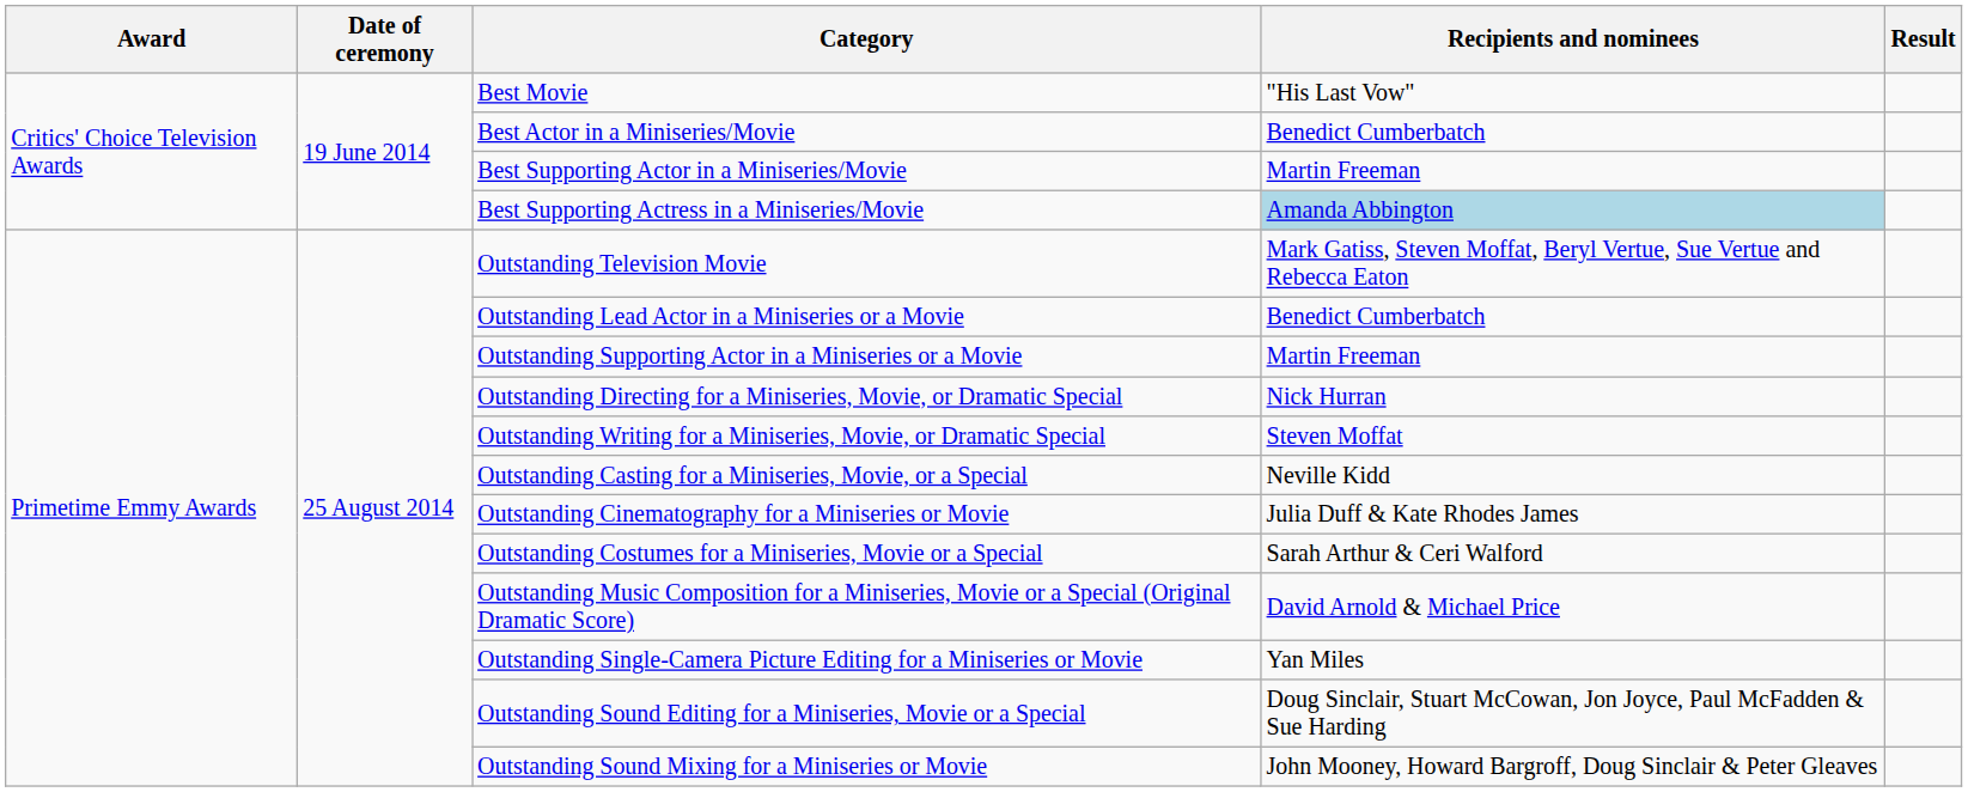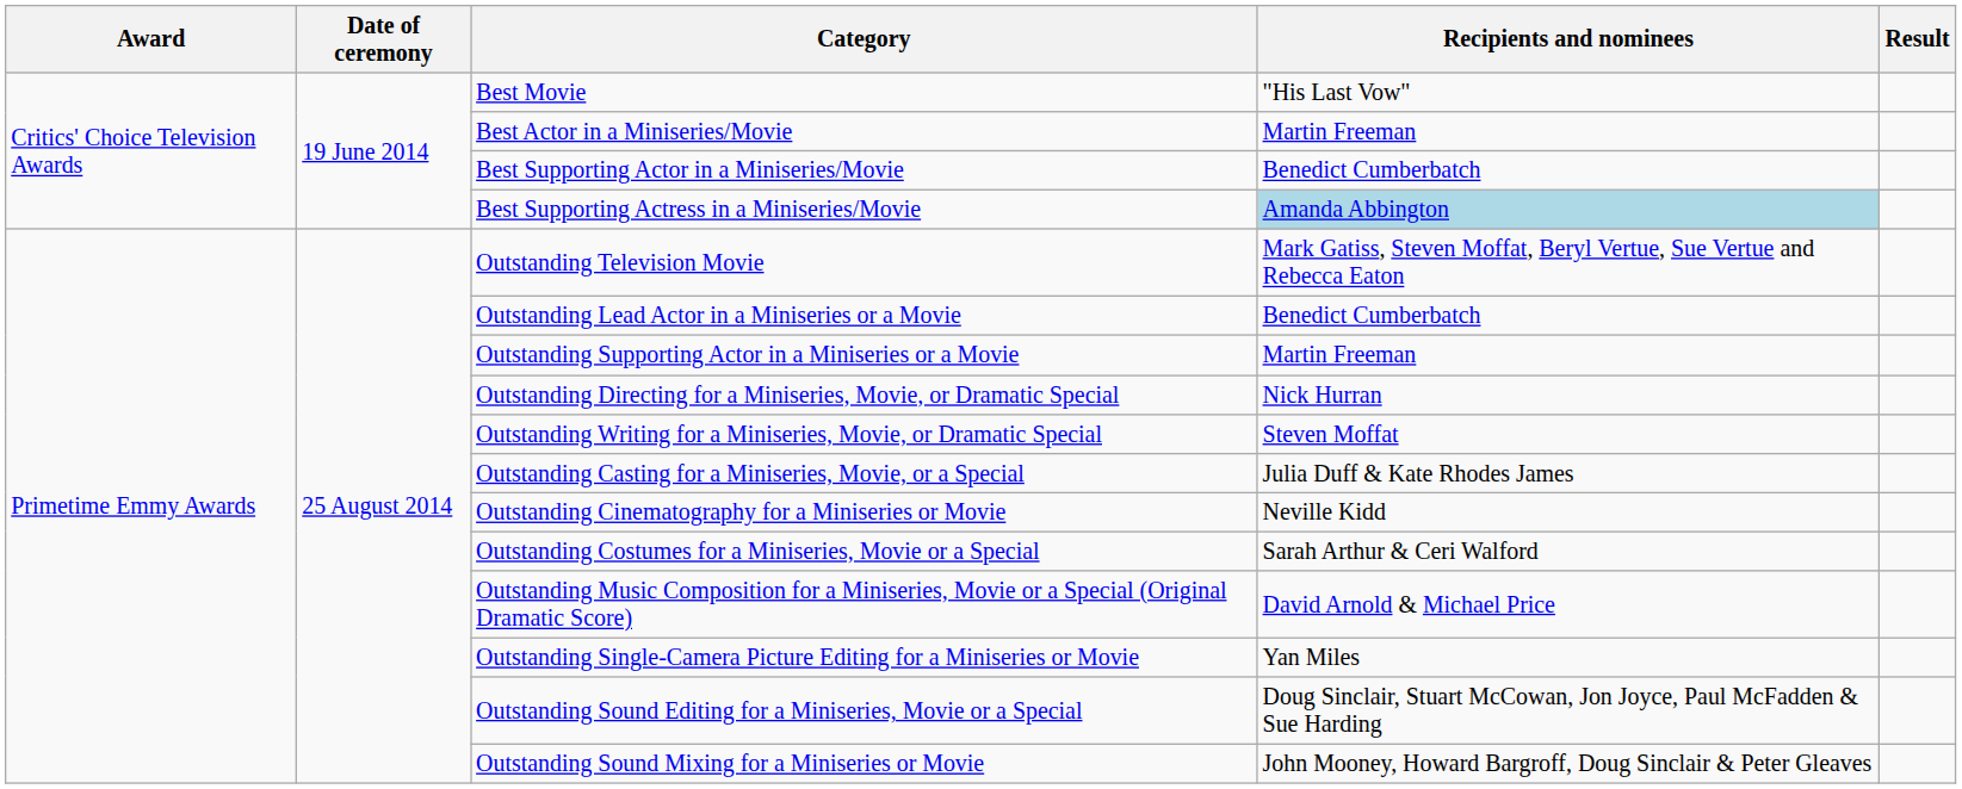 <table class="wikitable" style="font-size: 95%;">
 <tr>
 <th>Award</th>
 <th>Date of ceremony</th>
 <th>Category</th>
 <th>Recipients and nominees</th>
 <th>Result</th>
 </tr>
 <tr>
 <td rowspan="4"><a href='#'>Critics' Choice Television Awards</a></td>
 <td rowspan="4"><a href='#'>19 June 2014</a></td>
 <td><a href='#'>Best Movie</a></td>
 <td>"His Last Vow"</td>
 <td></td>
 </tr>
 <tr>
 <td><a href='#'>Best Actor in a Miniseries/Movie</a></td>
-<td><a href='#'>Benedict Cumberbatch</a></td>
+<td><a href='#'>Martin Freeman</a></td>
 <td></td>
 </tr>
 <tr>
 <td><a href='#'>Best Supporting Actor in a Miniseries/Movie</a></td>
-<td><a href='#'>Martin Freeman</a></td>
+<td><a href='#'>Benedict Cumberbatch</a></td>
 <td></td>
 </tr>
 <tr>
 <td><a href='#'>Best Supporting Actress in a Miniseries/Movie</a></td>
 <td style="background: lightblue;"><a href='#'>Amanda Abbington</a></td>
 <td></td>
 </tr>
 <tr>
 <td rowspan="12"><a href='#'>Primetime Emmy Awards</a></td>
 <td rowspan="12"><a href='#'>25 August 2014</a></td>
 <td><a href='#'>Outstanding Television Movie</a></td>
 <td><a href='#'>Mark Gatiss</a>, <a href='#'>Steven Moffat</a>, <a href='#'>Beryl Vertue</a>, <a href='#'>Sue Vertue</a> and <a href='#'>Rebecca Eaton</a></td>
 <td></td>
 </tr>
 <tr>
 <td><a href='#'>Outstanding Lead Actor in a Miniseries or a Movie</a></td>
 <td><a href='#'>Benedict Cumberbatch</a></td>
 <td></td>
 </tr>
 <tr>
 <td><a href='#'>Outstanding Supporting Actor in a Miniseries or a Movie</a></td>
 <td><a href='#'>Martin Freeman</a></td>
 <td></td>
 </tr>
 <tr>
 <td><a href='#'>Outstanding Directing for a Miniseries, Movie, or Dramatic Special</a></td>
 <td><a href='#'>Nick Hurran</a></td>
 <td></td>
 </tr>
 <tr>
 <td><a href='#'>Outstanding Writing for a Miniseries, Movie, or Dramatic Special</a></td>
 <td><a href='#'>Steven Moffat</a></td>
 <td></td>
 </tr>
 <tr>
 <td><a href='#'>Outstanding Casting for a Miniseries, Movie, or a Special</a></td>
-<td>Neville Kidd</td>
+<td>Julia Duff & Kate Rhodes James</td>
 <td></td>
 </tr>
 <tr>
 <td><a href='#'>Outstanding Cinematography for a Miniseries or Movie</a></td>
-<td>Julia Duff & Kate Rhodes James</td>
+<td>Neville Kidd</td>
 <td></td>
 </tr>
 <tr>
 <td><a href='#'>Outstanding Costumes for a Miniseries, Movie or a Special</a></td>
 <td>Sarah Arthur & Ceri Walford</td>
 <td></td>
 </tr>
 <tr>
 <td><a href='#'>Outstanding Music Composition for a Miniseries, Movie or a Special (Original Dramatic Score)</a></td>
 <td><a href='#'>David Arnold</a> & <a href='#'>Michael Price</a></td>
 <td></td>
 </tr>
 <tr>
 <td><a href='#'>Outstanding Single-Camera Picture Editing for a Miniseries or Movie</a></td>
 <td>Yan Miles</td>
 <td></td>
 </tr>
 <tr>
 <td><a href='#'>Outstanding Sound Editing for a Miniseries, Movie or a Special</a></td>
 <td>Doug Sinclair, Stuart McCowan, Jon Joyce, Paul McFadden & Sue Harding</td>
 <td></td>
 </tr>
 <tr>
 <td><a href='#'>Outstanding Sound Mixing for a Miniseries or Movie</a></td>
 <td>John Mooney, Howard Bargroff, Doug Sinclair & Peter Gleaves</td>
 <td></td>
 </tr>
 </table>
